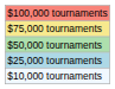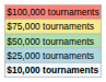 <table class="wikitable" style="font-size:85%;">
 <tr bgcolor="#F88379">
 <td>$100,000 tournaments</td>
 </tr>
 <tr bgcolor="#F7E98E">
 <td>$75,000 tournaments</td>
 </tr>
 <tr bgcolor="#ADDFAD">
 <td>$50,000 tournaments</td>
 </tr>
 <tr bgcolor="lightblue">
 <td>$25,000 tournaments</td>
 </tr>
 <tr bgcolor="#f0f8ff">
-<td>$10,000 tournaments</td>
+<td><strong>$10,000 tournaments</strong></td>
 </tr>
 </table>
